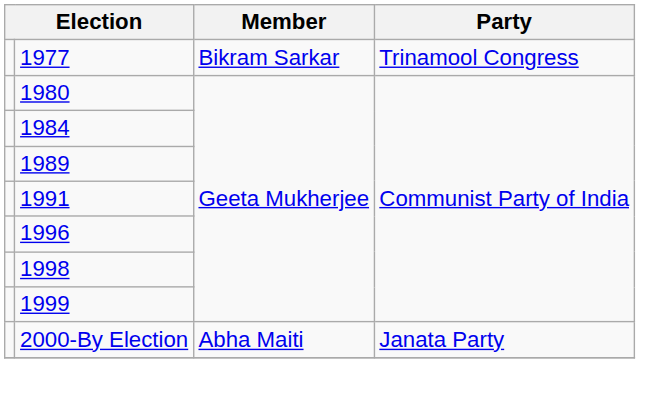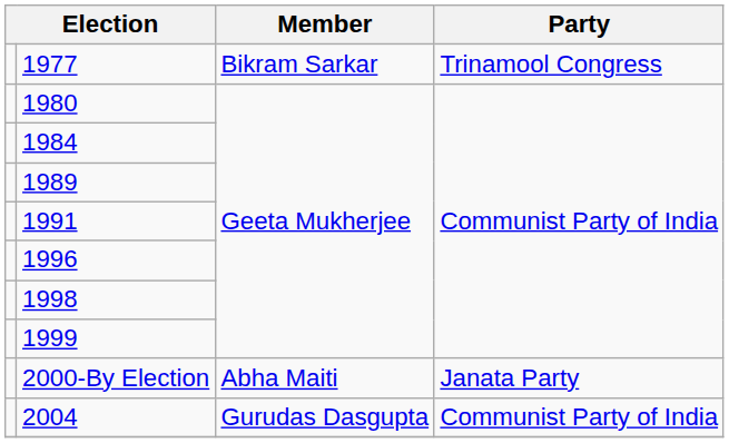 <table class="wikitable">
 <tr>
 <th colspan="2">Election</th>
 <th>Member</th>
 <th>Party</th>
 </tr>
 <tr>
 <td style="background-color: "></td>
 <td><a href='#'>1977</a></td>
 <td><a href='#'>Bikram Sarkar</a></td>
 <td><a href='#'>Trinamool Congress</a></td>
 </tr>
 <tr>
 <td style="background-color: "></td>
 <td><a href='#'>1980</a></td>
 <td rowspan=7><a href='#'>Geeta Mukherjee</a></td>
 <td rowspan=7><a href='#'>Communist Party of India</a></td>
 </tr>
 <tr>
 <td style="background-color: "></td>
 <td><a href='#'>1984</a></td>
 </tr>
 <tr>
 <td style="background-color: "></td>
 <td><a href='#'>1989</a></td>
 </tr>
 <tr>
 <td style="background-color: "></td>
 <td><a href='#'>1991</a></td>
 </tr>
 <tr>
 <td style="background-color: "></td>
 <td><a href='#'>1996</a></td>
 </tr>
 <tr>
 <td style="background-color: "></td>
 <td><a href='#'>1998</a></td>
 </tr>
 <tr>
 <td style="background-color: "></td>
 <td><a href='#'>1999</a></td>
 </tr>
 <tr>
 <td style="background-color: "></td>
 <td><a href='#'>2000-By Election</a></td>
 <td><a href='#'>Abha Maiti</a></td>
 <td><a href='#'>Janata Party</a></td>
 </tr>
 <tr>
+<td style="background-color: "></td>
+<td><a href='#'>2004</a></td>
+<td><a href='#'>Gurudas Dasgupta</a></td>
+<td><a href='#'>Communist Party of India</a></td>
+</tr>
+<tr>
 </tr>
 </table>
